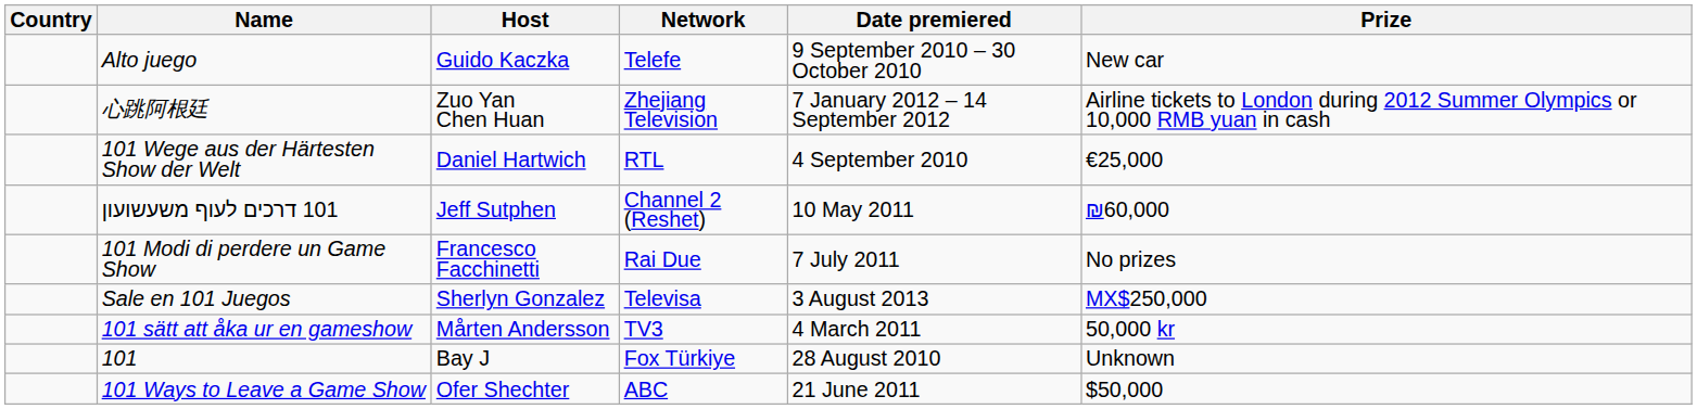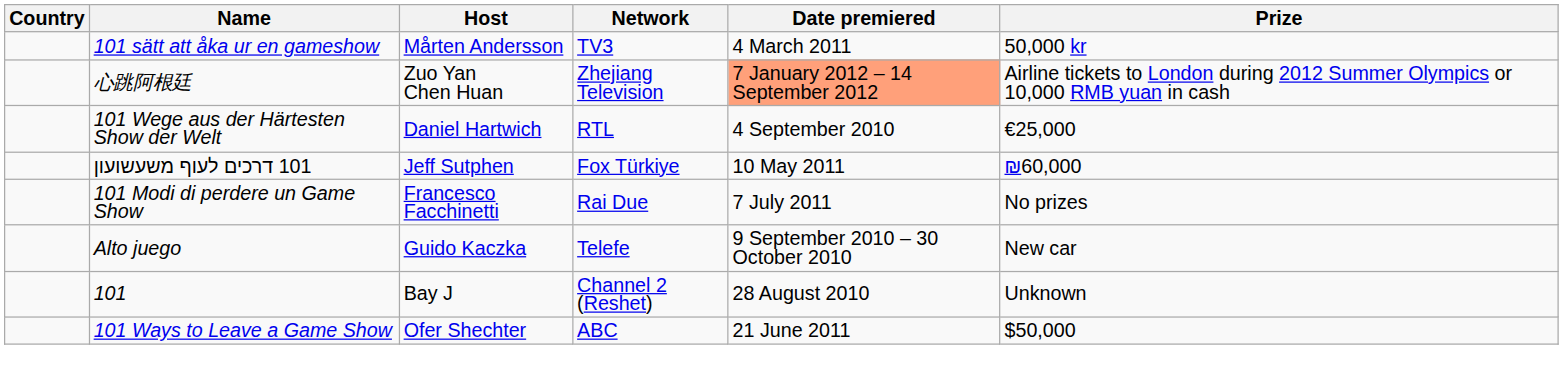 <table class="wikitable" style="text-align:left; line-height:15px;" width="100%">
 <tr>
 <th>Country</th>
 <th>Name</th>
 <th>Host</th>
 <th>Network</th>
 <th>Date premiered</th>
 <th>Prize</th>
 </tr>
 <tr>
 <td></td>
-<td><em>Alto juego</em></td>
-<td><a href='#'>Guido Kaczka</a></td>
-<td><a href='#'>Telefe</a></td>
-<td>9 September 2010 – 30 October 2010</td>
-<td>New car</td>
+<td><em><a href='#'>101 sätt att åka ur en gameshow</a></em></td>
+<td><a href='#'>Mårten Andersson</a></td>
+<td><a href='#'>TV3</a></td>
+<td>4 March 2011</td>
+<td>50,000 <a href='#'>kr</a></td>
 </tr>
 <tr>
 <td></td>
 <td><em>心跳阿根廷</em><br></td>
 <td>Zuo Yan <br>Chen Huan</td>
 <td><a href='#'>Zhejiang Television</a></td>
-<td>7 January 2012 – 14 September 2012</td>
+<td style="background: lightsalmon;">7 January 2012 – 14 September 2012</td>
 <td>Airline tickets to <a href='#'>London</a> during <a href='#'>2012 Summer Olympics</a> or 10,000 <a href='#'>RMB yuan</a> in cash</td>
 </tr>
 <tr>
 <td></td>
 <td><em>101 Wege aus der Härtesten Show der Welt</em></td>
 <td><a href='#'>Daniel Hartwich</a></td>
 <td><a href='#'>RTL</a></td>
 <td>4 September 2010</td>
 <td>€25,000</td>
 </tr>
 <tr>
 <td></td>
 <td>‏101 דרכים לעוף משעשועון‏<br></td>
 <td><a href='#'>Jeff Sutphen</a></td>
-<td><a href='#'>Channel 2</a> (<a href='#'>Reshet</a>)</td>
+<td><a href='#'>Fox Türkiye</a></td>
 <td>10 May 2011</td>
 <td><a href='#'>₪</a>60,000</td>
 </tr>
 <tr>
 <td></td>
 <td><em>101 Modi di perdere un Game Show</em></td>
 <td><a href='#'>Francesco Facchinetti</a></td>
 <td><a href='#'>Rai Due</a></td>
 <td>7 July 2011</td>
 <td>No prizes</td>
 </tr>
 <tr>
 <td></td>
-<td><em>Sale en 101 Juegos</em></td>
-<td><a href='#'>Sherlyn Gonzalez</a></td>
-<td><a href='#'>Televisa</a></td>
-<td>3 August 2013</td>
-<td><a href='#'>MX$</a>250,000</td>
-</tr>
-<tr>
-<td></td>
-<td><em><a href='#'>101 sätt att åka ur en gameshow</a></em></td>
-<td><a href='#'>Mårten Andersson</a></td>
-<td><a href='#'>TV3</a></td>
-<td>4 March 2011</td>
-<td>50,000 <a href='#'>kr</a></td>
+<td><em>Alto juego</em></td>
+<td><a href='#'>Guido Kaczka</a></td>
+<td><a href='#'>Telefe</a></td>
+<td>9 September 2010 – 30 October 2010</td>
+<td>New car</td>
 </tr>
 <tr>
 <td></td>
 <td><em>101</em></td>
 <td>Bay J</td>
-<td><a href='#'>Fox Türkiye</a></td>
+<td><a href='#'>Channel 2</a> (<a href='#'>Reshet</a>)</td>
 <td>28 August 2010</td>
 <td>Unknown</td>
 </tr>
 <tr>
 <td></td>
 <td><em><a href='#'>101 Ways to Leave a Game Show</a> </em></td>
 <td><a href='#'>Ofer Shechter</a></td>
 <td><a href='#'>ABC</a></td>
 <td>21 June 2011</td>
 <td>$50,000</td>
 </tr>
 </table>
